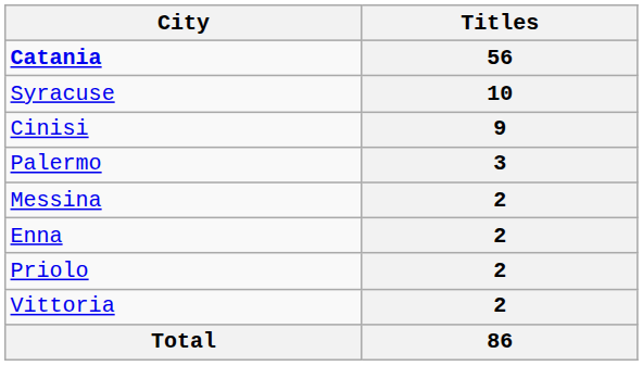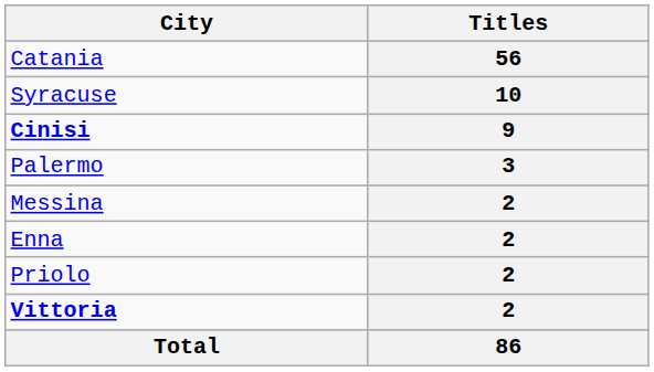 <table class="wikitable" width=30% style="font-size:100%; text-align:left;">
 <tr>
 <th>City</th>
 <th>Titles</th>
 </tr>
 <tr>
-<td><strong><a href='#'>Catania</a></strong></td>
+<td><a href='#'>Catania</a></td>
 <th align center>56</th>
 </tr>
 <tr>
 <td><a href='#'>Syracuse</a></td>
 <th align center>10</th>
 </tr>
 <tr>
-<td><a href='#'>Cinisi</a></td>
+<td><strong><a href='#'>Cinisi</a></strong></td>
 <th align center>9</th>
 </tr>
 <tr>
 <td><a href='#'>Palermo</a></td>
 <th align center>3</th>
 </tr>
 <tr>
 <td><a href='#'>Messina</a></td>
 <th align center>2</th>
 </tr>
 <tr>
 <td><a href='#'>Enna</a></td>
 <th align center>2</th>
 </tr>
 <tr>
 <td><a href='#'>Priolo</a></td>
 <th align center>2</th>
 </tr>
 <tr>
-<td><a href='#'>Vittoria</a></td>
+<td><strong><a href='#'>Vittoria</a></strong></td>
 <th align center>2</th>
 </tr>
 <tr>
 <th>Total</th>
 <th>86</th>
 </tr>
 </table>
